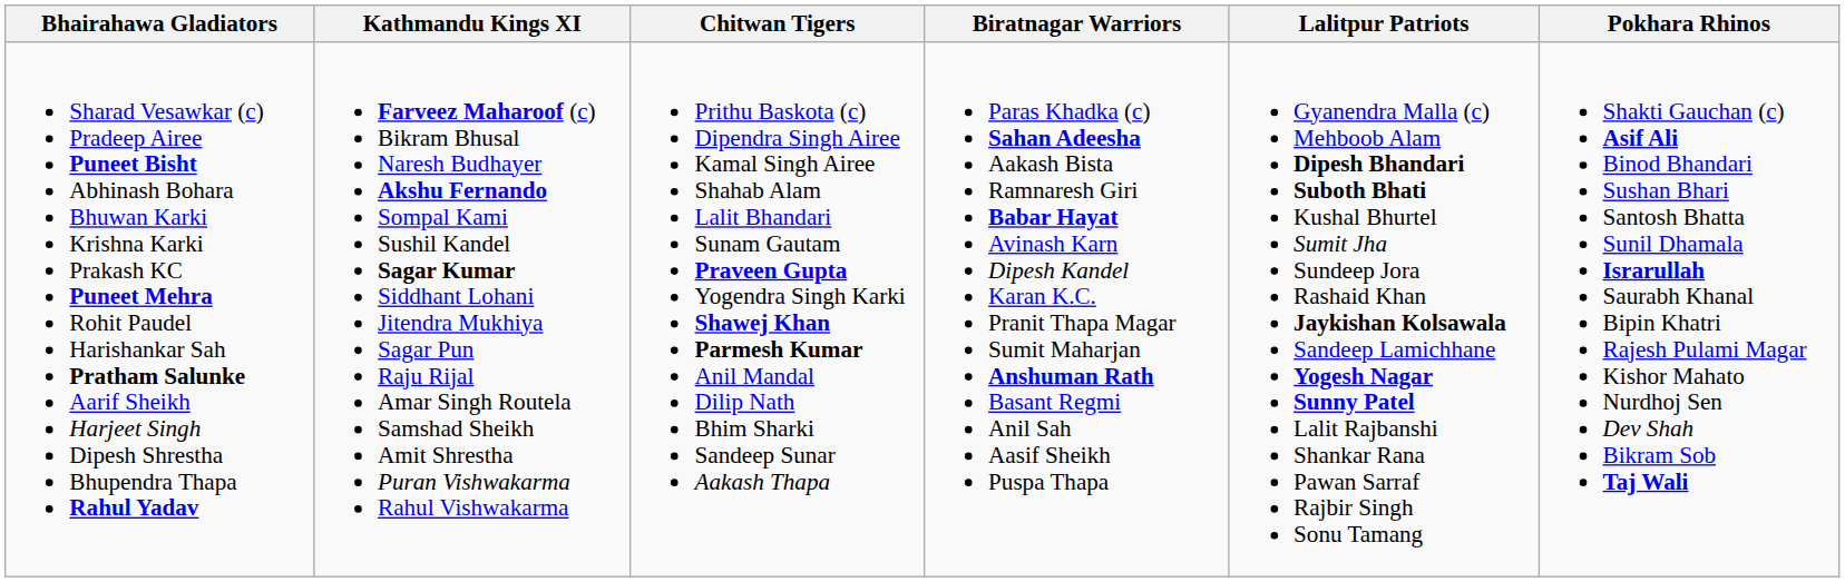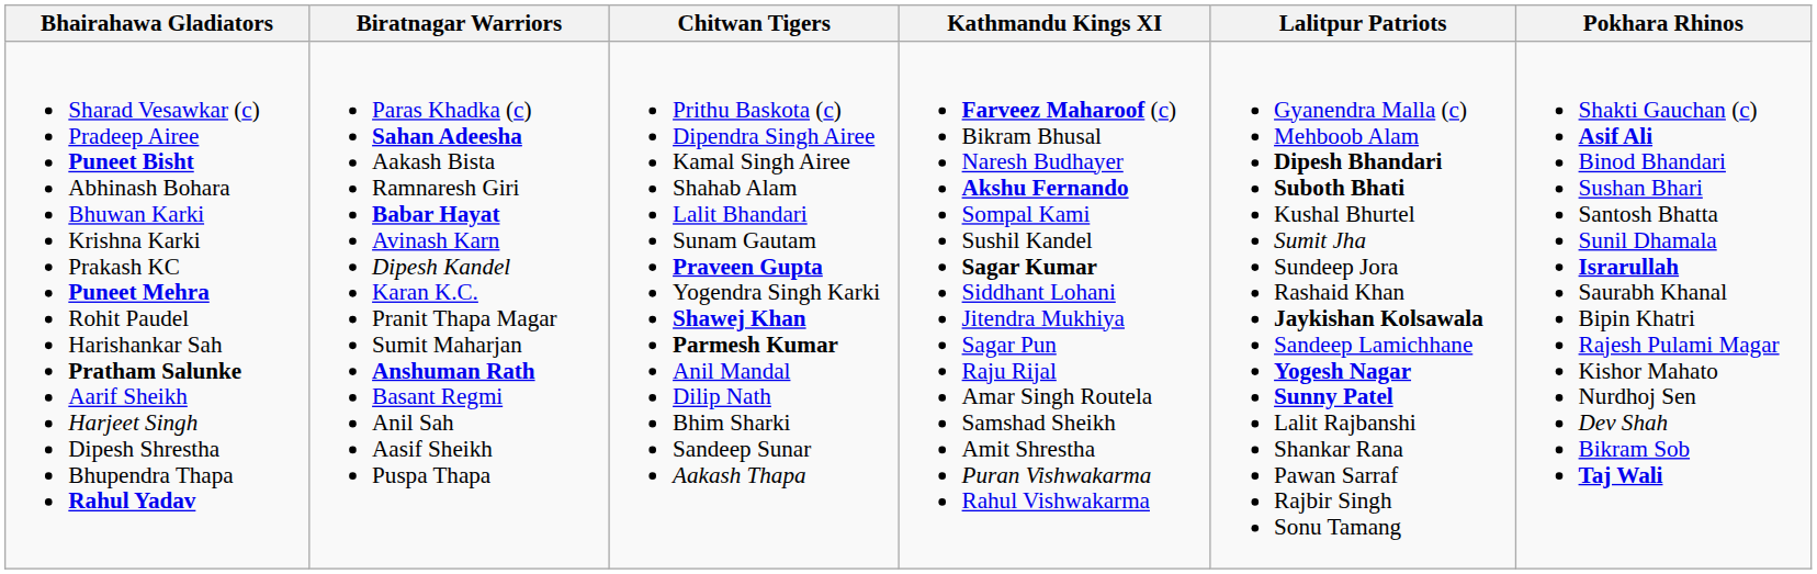 <table class="wikitable">
 <tr>
 <th width=330>Bhairahawa Gladiators</th>
+<th width=330>Biratnagar Warriors</th>
+<th width=330>Chitwan Tigers</th>
 <th width=330>Kathmandu Kings XI</th>
-<th width=330>Chitwan Tigers</th>
-<th width=330>Biratnagar Warriors</th>
 <th width=330>Lalitpur Patriots</th>
 <th width=330>Pokhara Rhinos</th>
 </tr>
 <tr>
 <td style="vertical-align:top"><br><ul><li><a href='#'>Sharad Vesawkar</a> (<a href='#'>c</a>)</li><li><a href='#'>Pradeep Airee</a></li><li><strong><a href='#'>Puneet Bisht</a></strong></li><li>Abhinash Bohara</li><li><a href='#'>Bhuwan Karki</a></li><li>Krishna Karki</li><li>Prakash KC</li><li><strong><a href='#'>Puneet Mehra</a></strong></li><li>Rohit Paudel</li><li>Harishankar Sah</li><li><strong>Pratham Salunke</strong></li><li><a href='#'>Aarif Sheikh</a></li><li><em>Harjeet Singh</em></li><li>Dipesh Shrestha</li><li>Bhupendra Thapa</li><li><strong><a href='#'>Rahul Yadav</a></strong></li></ul></td>
+<td style="vertical-align:top"><br><ul><li><a href='#'>Paras Khadka</a> (<a href='#'>c</a>)</li><li><strong><a href='#'>Sahan Adeesha</a></strong></li><li>Aakash Bista</li><li>Ramnaresh Giri</li><li><strong><a href='#'>Babar Hayat</a></strong></li><li><a href='#'>Avinash Karn</a></li><li><em>Dipesh Kandel</em></li><li><a href='#'>Karan K.C.</a></li><li>Pranit Thapa Magar</li><li>Sumit Maharjan</li><li><strong><a href='#'>Anshuman Rath</a></strong></li><li><a href='#'>Basant Regmi</a></li><li>Anil Sah</li><li>Aasif Sheikh</li><li>Puspa Thapa</li></ul></td>
+<td style="vertical-align:top"><br><ul><li><a href='#'>Prithu Baskota</a> (<a href='#'>c</a>)</li><li><a href='#'>Dipendra Singh Airee</a></li><li>Kamal Singh Airee</li><li>Shahab Alam</li><li><a href='#'>Lalit Bhandari</a></li><li>Sunam Gautam</li><li><strong><a href='#'>Praveen Gupta</a></strong></li><li>Yogendra Singh Karki</li><li><strong><a href='#'>Shawej Khan</a></strong></li><li><strong>Parmesh Kumar</strong></li><li><a href='#'>Anil Mandal</a></li><li><a href='#'>Dilip Nath</a></li><li>Bhim Sharki</li><li>Sandeep Sunar</li><li><em>Aakash Thapa</em></li></ul></td>
 <td style="vertical-align:top"><br><ul><li><strong><a href='#'>Farveez Maharoof</a></strong> (<a href='#'>c</a>)</li><li>Bikram Bhusal</li><li><a href='#'>Naresh Budhayer</a></li><li><strong><a href='#'>Akshu Fernando</a></strong></li><li><a href='#'>Sompal Kami</a></li><li>Sushil Kandel</li><li><strong>Sagar Kumar</strong></li><li><a href='#'>Siddhant Lohani</a></li><li><a href='#'>Jitendra Mukhiya</a></li><li><a href='#'>Sagar Pun</a></li><li><a href='#'>Raju Rijal</a></li><li>Amar Singh Routela</li><li>Samshad Sheikh</li><li>Amit Shrestha</li><li><em>Puran Vishwakarma</em></li><li><a href='#'>Rahul Vishwakarma</a></li></ul></td>
-<td style="vertical-align:top"><br><ul><li><a href='#'>Prithu Baskota</a> (<a href='#'>c</a>)</li><li><a href='#'>Dipendra Singh Airee</a></li><li>Kamal Singh Airee</li><li>Shahab Alam</li><li><a href='#'>Lalit Bhandari</a></li><li>Sunam Gautam</li><li><strong><a href='#'>Praveen Gupta</a></strong></li><li>Yogendra Singh Karki</li><li><strong><a href='#'>Shawej Khan</a></strong></li><li><strong>Parmesh Kumar</strong></li><li><a href='#'>Anil Mandal</a></li><li><a href='#'>Dilip Nath</a></li><li>Bhim Sharki</li><li>Sandeep Sunar</li><li><em>Aakash Thapa</em></li></ul></td>
-<td style="vertical-align:top"><br><ul><li><a href='#'>Paras Khadka</a> (<a href='#'>c</a>)</li><li><strong><a href='#'>Sahan Adeesha</a></strong></li><li>Aakash Bista</li><li>Ramnaresh Giri</li><li><strong><a href='#'>Babar Hayat</a></strong></li><li><a href='#'>Avinash Karn</a></li><li><em>Dipesh Kandel</em></li><li><a href='#'>Karan K.C.</a></li><li>Pranit Thapa Magar</li><li>Sumit Maharjan</li><li><strong><a href='#'>Anshuman Rath</a></strong></li><li><a href='#'>Basant Regmi</a></li><li>Anil Sah</li><li>Aasif Sheikh</li><li>Puspa Thapa</li></ul></td>
 <td style="vertical-align:top"><br><ul><li><a href='#'>Gyanendra Malla</a> (<a href='#'>c</a>)</li><li><a href='#'>Mehboob Alam</a></li><li><strong>Dipesh Bhandari</strong></li><li><strong>Suboth Bhati</strong></li><li>Kushal Bhurtel</li><li><em>Sumit Jha</em></li><li>Sundeep Jora</li><li>Rashaid Khan</li><li><strong>Jaykishan Kolsawala</strong></li><li><a href='#'>Sandeep Lamichhane</a></li><li><strong><a href='#'>Yogesh Nagar</a></strong></li><li><strong><a href='#'>Sunny Patel</a></strong></li><li>Lalit Rajbanshi</li><li>Shankar Rana</li><li>Pawan Sarraf</li><li>Rajbir Singh</li><li>Sonu Tamang</li></ul></td>
 <td style="vertical-align:top"><br><ul><li><a href='#'>Shakti Gauchan</a> (<a href='#'>c</a>)</li><li><strong><a href='#'>Asif Ali</a></strong></li><li><a href='#'>Binod Bhandari</a></li><li><a href='#'>Sushan Bhari</a></li><li>Santosh Bhatta</li><li><a href='#'>Sunil Dhamala</a></li><li><strong><a href='#'>Israrullah</a></strong></li><li>Saurabh Khanal</li><li>Bipin Khatri</li><li><a href='#'>Rajesh Pulami Magar</a></li><li>Kishor Mahato</li><li>Nurdhoj Sen</li><li><em>Dev Shah</em></li><li><a href='#'>Bikram Sob</a></li><li><strong><a href='#'>Taj Wali</a></strong></li></ul></td>
 </tr>
 </table>
